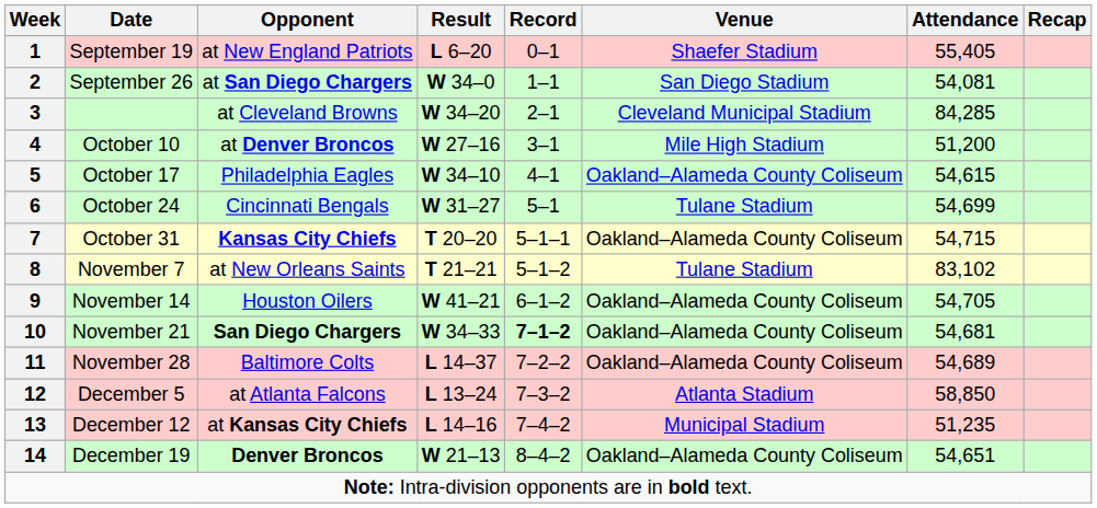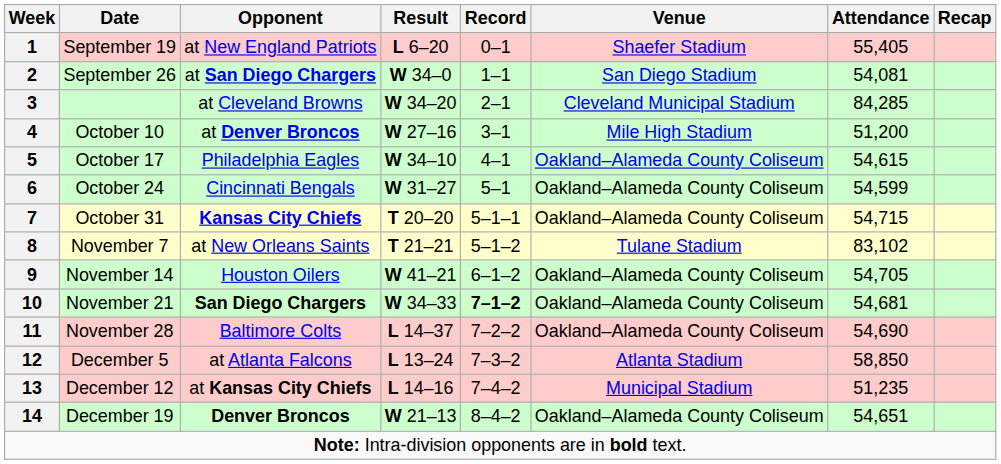 <table class="wikitable" style="text-align:center">
 <tr>
 <th>Week</th>
 <th>Date</th>
 <th>Opponent</th>
 <th>Result</th>
 <th>Record</th>
 <th>Venue</th>
 <th>Attendance</th>
 <th>Recap</th>
 </tr>
 <tr style="background: #fcc;">
 <th>1</th>
 <td>September 19</td>
 <td>at <a href='#'>New England Patriots</a></td>
 <td><strong>L</strong> 6–20</td>
 <td>0–1</td>
 <td><a href='#'>Shaefer Stadium</a></td>
 <td>55,405</td>
 <td></td>
 </tr>
 <tr style="background: #cfc;">
 <th>2</th>
 <td>September 26</td>
 <td>at <strong><a href='#'>San Diego Chargers</a></strong></td>
 <td><strong>W</strong> 34–0</td>
 <td>1–1</td>
 <td><a href='#'>San Diego Stadium</a></td>
 <td>54,081</td>
 <td></td>
 </tr>
 <tr style="background: #cfc;">
 <th>3</th>
 <td></td>
 <td>at <a href='#'>Cleveland Browns</a></td>
 <td><strong>W</strong> 34–20</td>
 <td>2–1</td>
 <td><a href='#'>Cleveland Municipal Stadium</a></td>
 <td>84,285</td>
 <td></td>
 </tr>
 <tr style="background: #cfc;">
 <th>4</th>
 <td>October 10</td>
 <td>at <strong><a href='#'>Denver Broncos</a></strong></td>
 <td><strong>W</strong> 27–16</td>
 <td>3–1</td>
 <td><a href='#'>Mile High Stadium</a></td>
 <td>51,200</td>
 <td></td>
 </tr>
 <tr style="background: #cfc;">
 <th>5</th>
 <td>October 17</td>
 <td><a href='#'>Philadelphia Eagles</a></td>
 <td><strong>W</strong> 34–10</td>
 <td>4–1</td>
 <td><a href='#'>Oakland–Alameda County Coliseum</a></td>
 <td>54,615</td>
 <td></td>
 </tr>
 <tr style="background: #cfc;">
 <th>6</th>
 <td>October 24</td>
 <td><a href='#'>Cincinnati Bengals</a></td>
 <td><strong>W</strong> 31–27</td>
 <td>5–1</td>
-<td><a href='#'>Tulane Stadium</a></td>
-<td>54,699</td>
+<td>Oakland–Alameda County Coliseum</td>
+<td>54,599</td>
 <td></td>
 </tr>
 <tr style="background: #ffc;">
 <th>7</th>
 <td>October 31</td>
 <td><strong><a href='#'>Kansas City Chiefs</a></strong></td>
 <td><strong>T</strong> 20–20</td>
 <td>5–1–1</td>
 <td>Oakland–Alameda County Coliseum</td>
 <td>54,715</td>
 <td></td>
 </tr>
 <tr style="background: #ffc;">
 <th>8</th>
 <td>November 7</td>
 <td>at <a href='#'>New Orleans Saints</a></td>
 <td><strong>T</strong> 21–21</td>
 <td>5–1–2</td>
 <td><a href='#'>Tulane Stadium</a></td>
 <td>83,102</td>
 <td></td>
 </tr>
 <tr style="background: #cfc;">
 <th>9</th>
 <td>November 14</td>
 <td><a href='#'>Houston Oilers</a></td>
 <td><strong>W</strong> 41–21</td>
 <td>6–1–2</td>
 <td>Oakland–Alameda County Coliseum</td>
 <td>54,705</td>
 <td></td>
 </tr>
 <tr style="background: #cfc;">
 <th>10</th>
 <td>November 21</td>
 <td><strong>San Diego Chargers</strong></td>
 <td><strong>W</strong> 34–33</td>
 <td><strong>7–1–2</strong></td>
 <td>Oakland–Alameda County Coliseum</td>
 <td>54,681</td>
 <td></td>
 </tr>
 <tr style="background: #fcc;">
 <th>11</th>
 <td>November 28</td>
 <td><a href='#'>Baltimore Colts</a></td>
 <td><strong>L</strong> 14–37</td>
 <td>7–2–2</td>
 <td>Oakland–Alameda County Coliseum</td>
-<td>54,689</td>
+<td>54,690</td>
 <td></td>
 </tr>
 <tr style="background: #fcc;">
 <th>12</th>
 <td>December 5</td>
 <td>at <a href='#'>Atlanta Falcons</a></td>
 <td><strong>L</strong> 13–24</td>
 <td>7–3–2</td>
 <td><a href='#'>Atlanta Stadium</a></td>
 <td>58,850</td>
 <td></td>
 </tr>
 <tr style="background: #fcc;">
 <th>13</th>
 <td>December 12</td>
 <td>at <strong>Kansas City Chiefs</strong></td>
 <td><strong>L</strong> 14–16</td>
 <td>7–4–2</td>
 <td><a href='#'>Municipal Stadium</a></td>
 <td>51,235</td>
 <td></td>
 </tr>
 <tr style="background: #cfc;">
 <th>14</th>
 <td>December 19</td>
 <td><strong>Denver Broncos</strong></td>
 <td><strong>W</strong> 21–13</td>
 <td>8–4–2</td>
 <td>Oakland–Alameda County Coliseum</td>
 <td>54,651</td>
 <td></td>
 </tr>
 <tr>
 <td colspan="8"><strong>Note:</strong> Intra-division opponents are in <strong>bold</strong> text.</td>
 </tr>
 </table>
